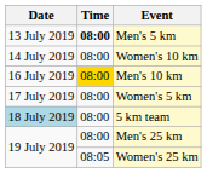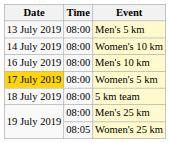 <table class="wikitable">
 <tr>
 <th>Date</th>
 <th>Time</th>
 <th>Event</th>
 </tr>
 <tr>
 <td>13 July 2019</td>
-<td><strong>08:00</strong></td>
+<td>08:00</td>
 <td style="background:lemonchiffon">Men's 5 km</td>
 </tr>
 <tr>
 <td>14 July 2019</td>
 <td>08:00</td>
 <td style="background:lemonchiffon">Women's 10 km</td>
 </tr>
 <tr>
 <td>16 July 2019</td>
-<td style="background: gold;">08:00</td>
+<td>08:00</td>
 <td style="background:lemonchiffon">Men's 10 km</td>
 </tr>
 <tr>
-<td>17 July 2019</td>
+<td style="background: gold;">17 July 2019</td>
 <td>08:00</td>
 <td style="background:lemonchiffon">Women's 5 km</td>
 </tr>
 <tr>
-<td style="background: lightblue;">18 July 2019</td>
+<td>18 July 2019</td>
 <td>08:00</td>
 <td style="background:lemonchiffon">5 km team</td>
 </tr>
 <tr>
 <td rowspan=2>19 July 2019</td>
 <td>08:00</td>
 <td style="background:lemonchiffon">Men's 25 km</td>
 </tr>
 <tr>
 <td>08:05</td>
 <td style="background:lemonchiffon">Women's 25 km</td>
 </tr>
 </table>
